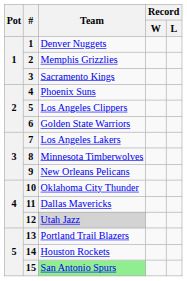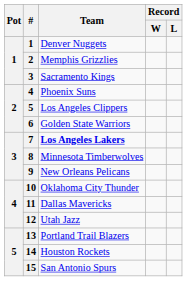 <table class="wikitable">
 <tr>
 <th scope="col" rowspan="2">Pot</th>
 <th scope="col" rowspan="2">#</th>
 <th scope="col" rowspan="2">Team</th>
 <th scope="colgroup" colspan="2">Record</th>
 </tr>
 <tr>
 <th scope="col">W</th>
 <th scope="col">L</th>
 </tr>
 <tr>
 <th rowspan="3">1</th>
 <th>1</th>
 <td scope="row"><a href='#'>Denver Nuggets</a></td>
 <td></td>
 <td></td>
 </tr>
 <tr>
 <th>2</th>
 <td scope="row"><a href='#'>Memphis Grizzlies</a></td>
 <td></td>
 <td></td>
 </tr>
 <tr>
 <th>3</th>
 <td scope="row"><a href='#'>Sacramento Kings</a></td>
 <td></td>
 <td></td>
 </tr>
 <tr>
 <th rowspan="3">2</th>
 <th>4</th>
 <td scope="row"><a href='#'>Phoenix Suns</a></td>
 <td></td>
 <td></td>
 </tr>
 <tr>
 <th>5</th>
 <td scope="row"><a href='#'>Los Angeles Clippers</a></td>
 <td></td>
 <td></td>
 </tr>
 <tr>
 <th>6</th>
 <td scope="row"><a href='#'>Golden State Warriors</a></td>
 <td></td>
 <td></td>
 </tr>
 <tr>
 <th rowspan="3">3</th>
 <th>7</th>
-<td scope="row"><a href='#'>Los Angeles Lakers</a></td>
+<td scope="row"><strong><a href='#'>Los Angeles Lakers</a></strong></td>
 <td></td>
 <td></td>
 </tr>
 <tr>
 <th>8</th>
 <td scope="row"><a href='#'>Minnesota Timberwolves</a></td>
 <td></td>
 <td></td>
 </tr>
 <tr>
 <th>9</th>
 <td scope="row"><a href='#'>New Orleans Pelicans</a></td>
 <td></td>
 <td></td>
 </tr>
 <tr>
 <th rowspan="3">4</th>
 <th>10</th>
 <td scope="row"><a href='#'>Oklahoma City Thunder</a></td>
 <td></td>
 <td></td>
 </tr>
 <tr>
 <th>11</th>
 <td scope="row"><a href='#'>Dallas Mavericks</a></td>
 <td></td>
 <td></td>
 </tr>
 <tr>
 <th>12</th>
-<td scope="row" style="background: lightgrey;"><a href='#'>Utah Jazz</a></td>
+<td scope="row"><a href='#'>Utah Jazz</a></td>
 <td></td>
 <td></td>
 </tr>
 <tr>
 <th rowspan="3">5</th>
 <th>13</th>
 <td scope="row"><a href='#'>Portland Trail Blazers</a></td>
 <td></td>
 <td></td>
 </tr>
 <tr>
 <th>14</th>
 <td scope="row"><a href='#'>Houston Rockets</a></td>
 <td></td>
 <td></td>
 </tr>
 <tr>
 <th>15</th>
-<td scope="row" style="background: lightgreen;"><a href='#'>San Antonio Spurs</a></td>
+<td scope="row"><a href='#'>San Antonio Spurs</a></td>
 <td></td>
 <td></td>
 </tr>
 </table>
